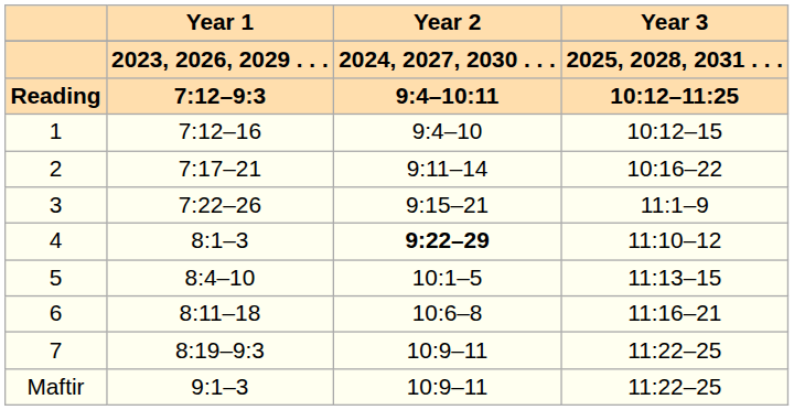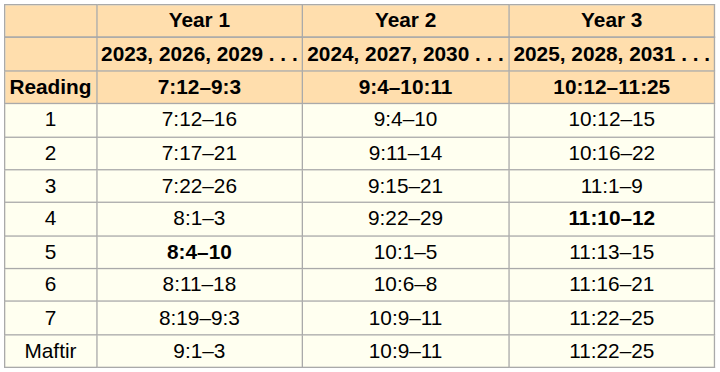 <table class="wikitable" style="background:Ivory; text-align:center">
 <tr>
 <th style="background:Navajowhite;"></th>
 <th style="background:Navajowhite;">Year 1</th>
 <th style="background:Navajowhite;">Year 2</th>
 <th style="background:Navajowhite;">Year 3</th>
 </tr>
 <tr>
 </tr>
 <tr>
 <th style="background:Navajowhite;"></th>
 <th style="background:Navajowhite;">2023, 2026, 2029 . . .</th>
 <th style="background:Navajowhite;">2024, 2027, 2030 . . .</th>
 <th style="background:Navajowhite;">2025, 2028, 2031 . . .</th>
 </tr>
 <tr>
 <th style="background:Navajowhite;">Reading</th>
 <th style="background:Navajowhite;">7:12–9:3</th>
 <th style="background:Navajowhite;">9:4–10:11</th>
 <th style="background:Navajowhite;">10:12–11:25</th>
 </tr>
 <tr>
 <td>1</td>
 <td>7:12–16</td>
 <td>9:4–10</td>
 <td>10:12–15</td>
 </tr>
 <tr>
 <td>2</td>
 <td>7:17–21</td>
 <td>9:11–14</td>
 <td>10:16–22</td>
 </tr>
 <tr>
 <td>3</td>
 <td>7:22–26</td>
 <td>9:15–21</td>
 <td>11:1–9</td>
 </tr>
 <tr>
 <td>4</td>
 <td>8:1–3</td>
-<td><strong>9:22–29</strong></td>
-<td>11:10–12</td>
+<td>9:22–29</td>
+<td><strong>11:10–12</strong></td>
 </tr>
 <tr>
 <td>5</td>
-<td>8:4–10</td>
+<td><strong>8:4–10</strong></td>
 <td>10:1–5</td>
 <td>11:13–15</td>
 </tr>
 <tr>
 <td>6</td>
 <td>8:11–18</td>
 <td>10:6–8</td>
 <td>11:16–21</td>
 </tr>
 <tr>
 <td>7</td>
 <td>8:19–9:3</td>
 <td>10:9–11</td>
 <td>11:22–25</td>
 </tr>
 <tr>
 <td>Maftir</td>
 <td>9:1–3</td>
 <td>10:9–11</td>
 <td>11:22–25</td>
 </tr>
 </table>
